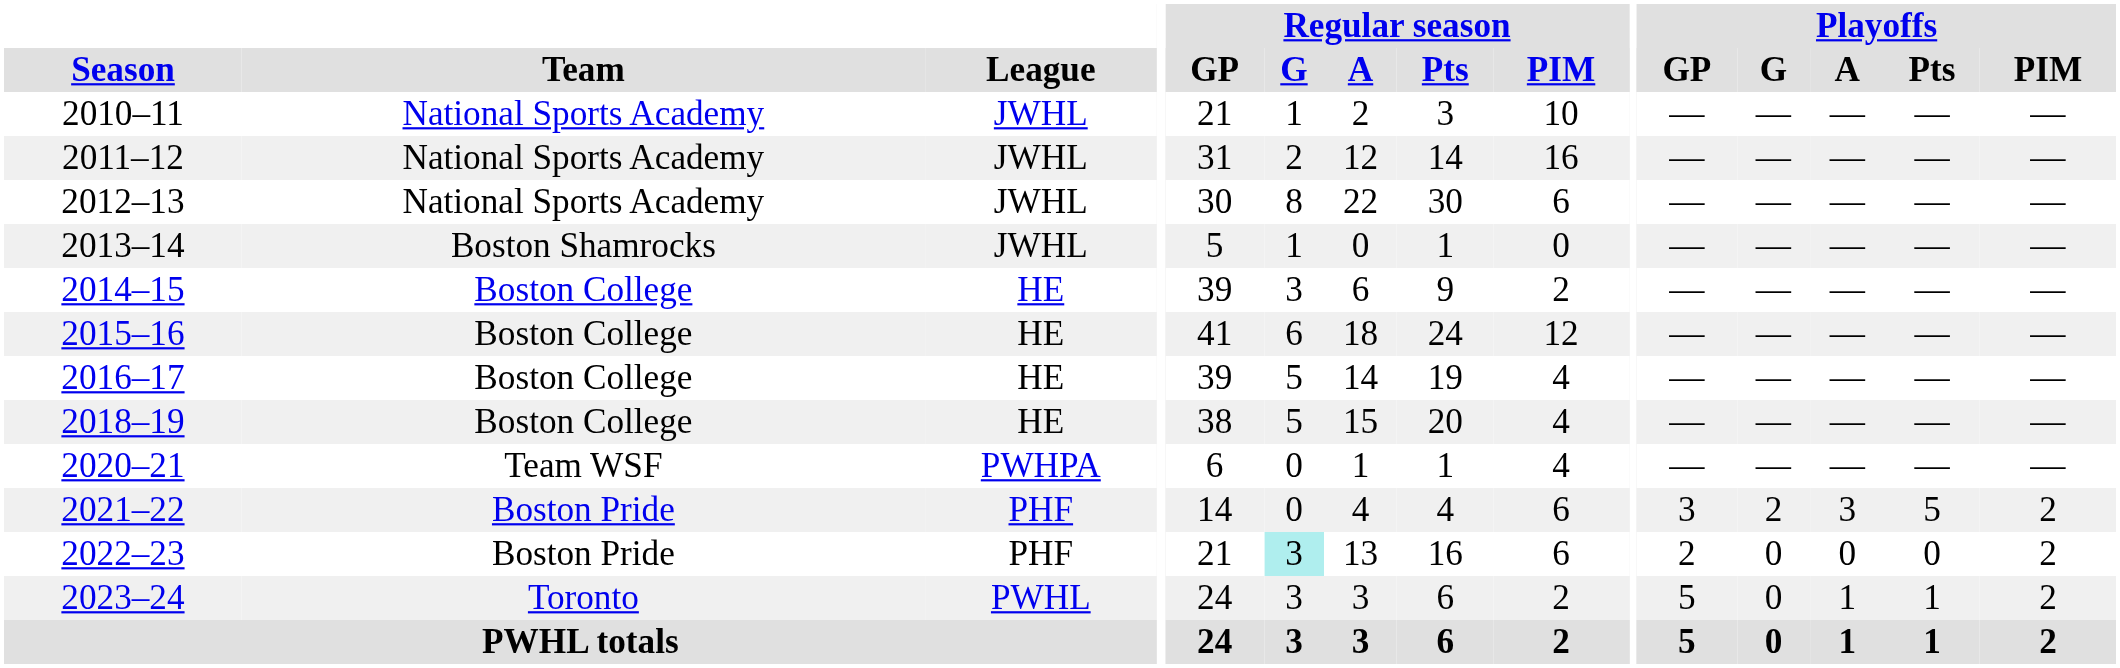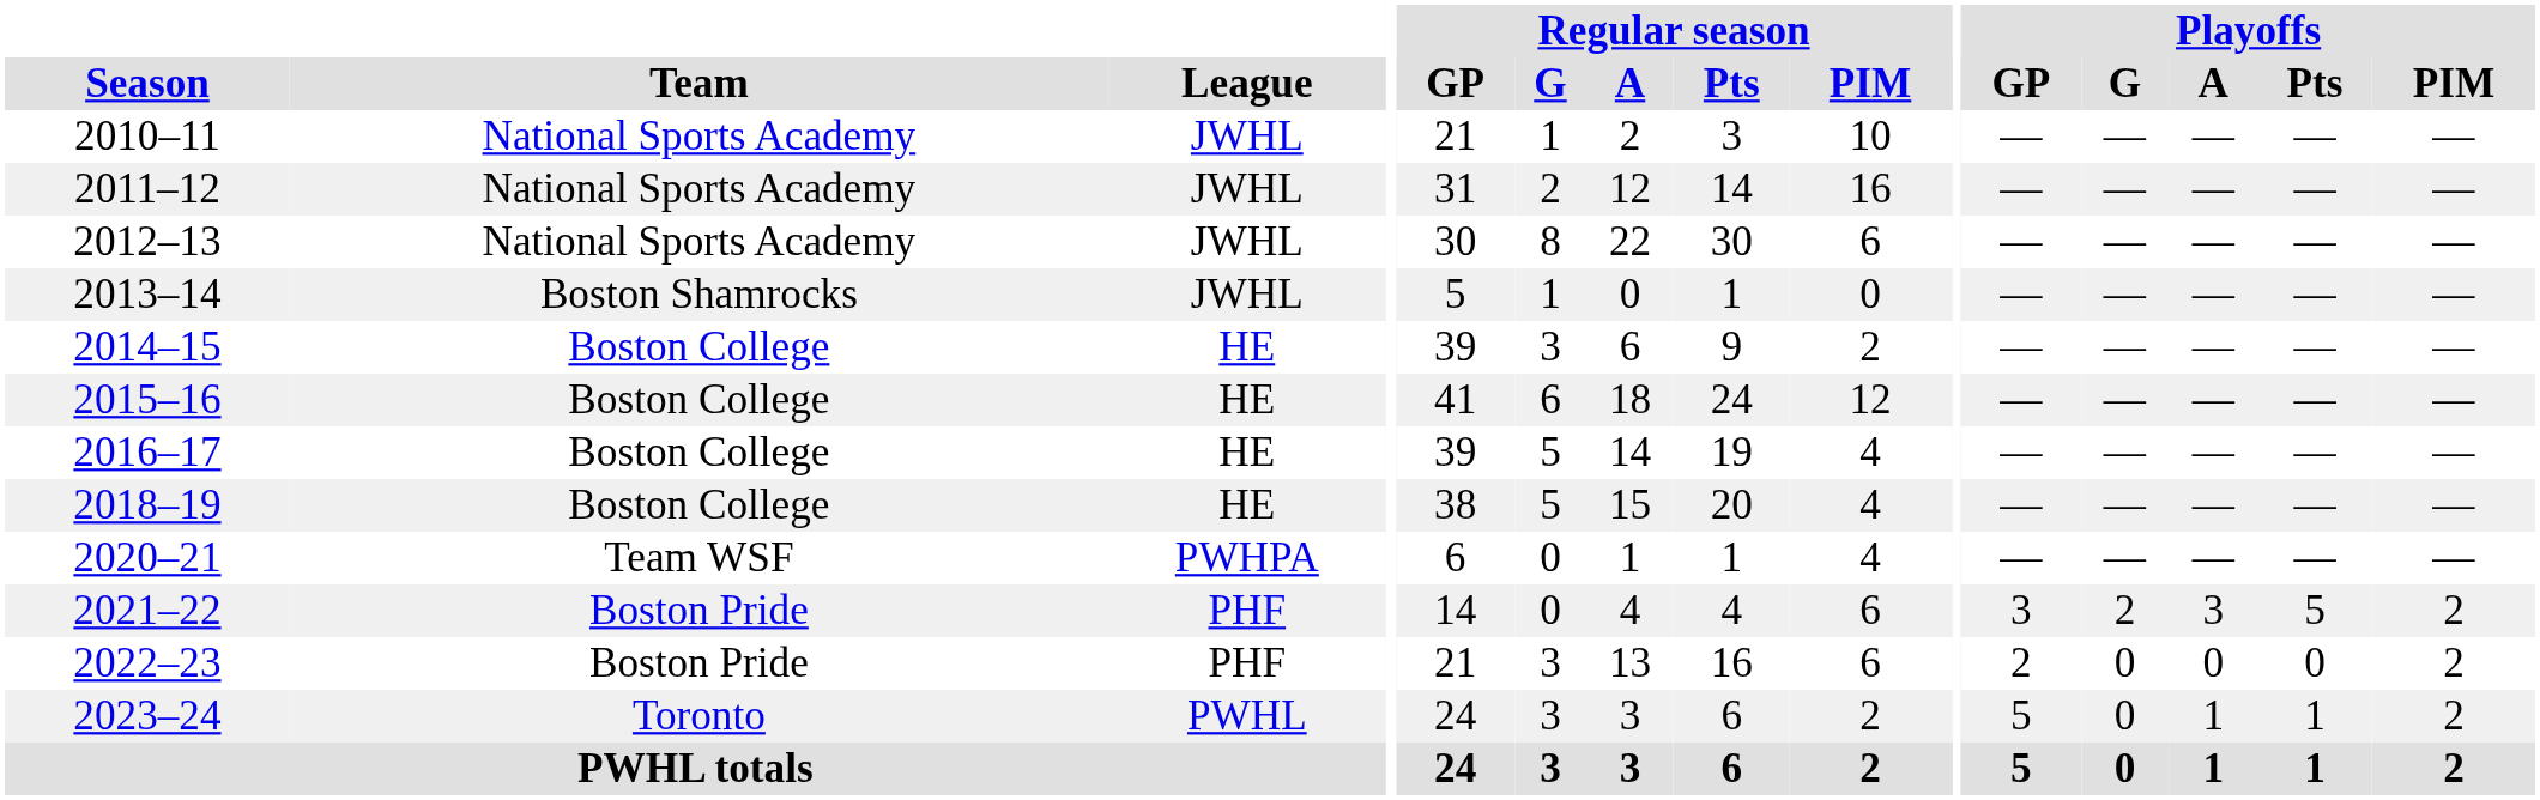 <table border="0" cellpadding="1" cellspacing="0" style="text-align:center; width:60em;">
 <tr bgcolor="#e0e0e0">
 <th colspan="3" bgcolor="#ffffff"></th>
 <th rowspan="94" bgcolor="#ffffff"></th>
 <th colspan="5"><a href='#'>Regular season</a></th>
 <th rowspan="94" bgcolor="#ffffff"></th>
 <th colspan="5"><a href='#'>Playoffs</a></th>
 </tr>
 <tr bgcolor="#e0e0e0">
 <th><a href='#'>Season</a></th>
 <th>Team</th>
 <th>League</th>
 <th>GP</th>
 <th><a href='#'>G</a></th>
 <th><a href='#'>A</a></th>
 <th><a href='#'>Pts</a></th>
 <th><a href='#'>PIM</a></th>
 <th>GP</th>
 <th>G</th>
 <th>A</th>
 <th>Pts</th>
 <th>PIM</th>
 </tr>
 <tr>
 <td>2010–11</td>
 <td><a href='#'>National Sports Academy</a></td>
 <td><a href='#'>JWHL</a></td>
 <td>21</td>
 <td>1</td>
 <td>2</td>
 <td>3</td>
 <td>10</td>
 <td>—</td>
 <td>—</td>
 <td>—</td>
 <td>—</td>
 <td>—</td>
 </tr>
 <tr bgcolor="f0f0f0">
 <td>2011–12</td>
 <td>National Sports Academy</td>
 <td>JWHL</td>
 <td>31</td>
 <td>2</td>
 <td>12</td>
 <td>14</td>
 <td>16</td>
 <td>—</td>
 <td>—</td>
 <td>—</td>
 <td>—</td>
 <td>—</td>
 </tr>
 <tr>
 <td>2012–13</td>
 <td>National Sports Academy</td>
 <td>JWHL</td>
 <td>30</td>
 <td>8</td>
 <td>22</td>
 <td>30</td>
 <td>6</td>
 <td>—</td>
 <td>—</td>
 <td>—</td>
 <td>—</td>
 <td>—</td>
 </tr>
 <tr bgcolor="f0f0f0">
 <td>2013–14</td>
 <td>Boston Shamrocks</td>
 <td>JWHL</td>
 <td>5</td>
 <td>1</td>
 <td>0</td>
 <td>1</td>
 <td>0</td>
 <td>—</td>
 <td>—</td>
 <td>—</td>
 <td>—</td>
 <td>—</td>
 </tr>
 <tr>
 <td><a href='#'>2014–15</a></td>
 <td><a href='#'>Boston College</a></td>
 <td><a href='#'>HE</a></td>
 <td>39</td>
 <td>3</td>
 <td>6</td>
 <td>9</td>
 <td>2</td>
 <td>—</td>
 <td>—</td>
 <td>—</td>
 <td>—</td>
 <td>—</td>
 </tr>
 <tr bgcolor="f0f0f0">
 <td><a href='#'>2015–16</a></td>
 <td>Boston College</td>
 <td>HE</td>
 <td>41</td>
 <td>6</td>
 <td>18</td>
 <td>24</td>
 <td>12</td>
 <td>—</td>
 <td>—</td>
 <td>—</td>
 <td>—</td>
 <td>—</td>
 </tr>
 <tr>
 <td><a href='#'>2016–17</a></td>
 <td>Boston College</td>
 <td>HE</td>
 <td>39</td>
 <td>5</td>
 <td>14</td>
 <td>19</td>
 <td>4</td>
 <td>—</td>
 <td>—</td>
 <td>—</td>
 <td>—</td>
 <td>—</td>
 </tr>
 <tr bgcolor="f0f0f0">
 <td><a href='#'>2018–19</a></td>
 <td>Boston College</td>
 <td>HE</td>
 <td>38</td>
 <td>5</td>
 <td>15</td>
 <td>20</td>
 <td>4</td>
 <td>—</td>
 <td>—</td>
 <td>—</td>
 <td>—</td>
 <td>—</td>
 </tr>
 <tr>
 <td><a href='#'>2020–21</a></td>
 <td>Team WSF</td>
 <td><a href='#'>PWHPA</a></td>
 <td>6</td>
 <td>0</td>
 <td>1</td>
 <td>1</td>
 <td>4</td>
 <td>—</td>
 <td>—</td>
 <td>—</td>
 <td>—</td>
 <td>—</td>
 </tr>
 <tr bgcolor="f0f0f0">
 <td><a href='#'>2021–22</a></td>
 <td><a href='#'>Boston Pride</a></td>
 <td><a href='#'>PHF</a></td>
 <td>14</td>
 <td>0</td>
 <td>4</td>
 <td>4</td>
 <td>6</td>
 <td>3</td>
 <td>2</td>
 <td>3</td>
 <td>5</td>
 <td>2</td>
 </tr>
 <tr>
 <td><a href='#'>2022–23</a></td>
 <td>Boston Pride</td>
 <td>PHF</td>
 <td>21</td>
-<td style="background: paleturquoise;">3</td>
+<td>3</td>
 <td>13</td>
 <td>16</td>
 <td>6</td>
 <td>2</td>
 <td>0</td>
 <td>0</td>
 <td>0</td>
 <td>2</td>
 </tr>
 <tr bgcolor="f0f0f0">
 <td><a href='#'>2023–24</a></td>
 <td><a href='#'>Toronto</a></td>
 <td><a href='#'>PWHL</a></td>
 <td>24</td>
 <td>3</td>
 <td>3</td>
 <td>6</td>
 <td>2</td>
 <td>5</td>
 <td>0</td>
 <td>1</td>
 <td>1</td>
 <td>2</td>
 </tr>
 <tr bgcolor="#e0e0e0">
 <th colspan="3">PWHL totals</th>
 <th>24</th>
 <th>3</th>
 <th>3</th>
 <th>6</th>
 <th>2</th>
 <th>5</th>
 <th>0</th>
 <th>1</th>
 <th>1</th>
 <th>2</th>
 </tr>
 </table>
